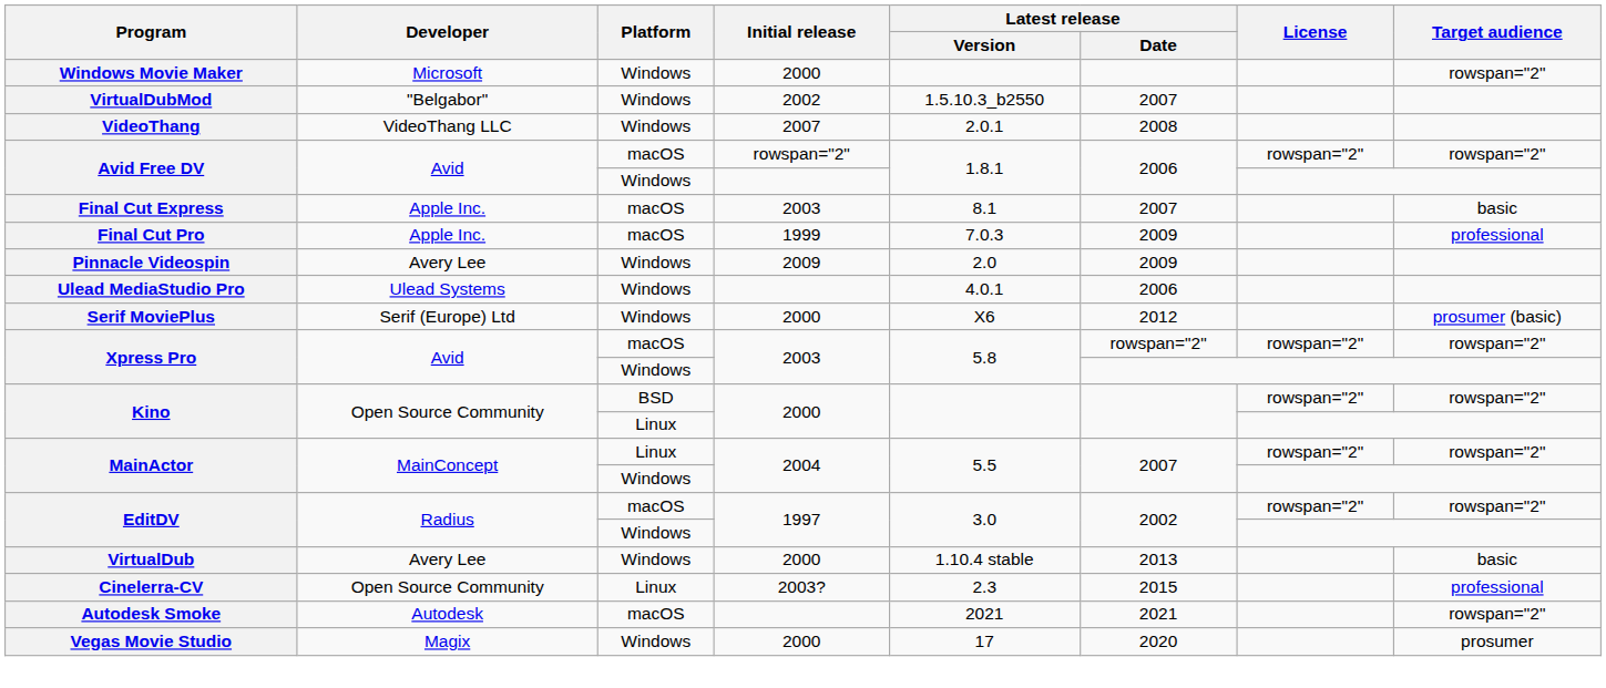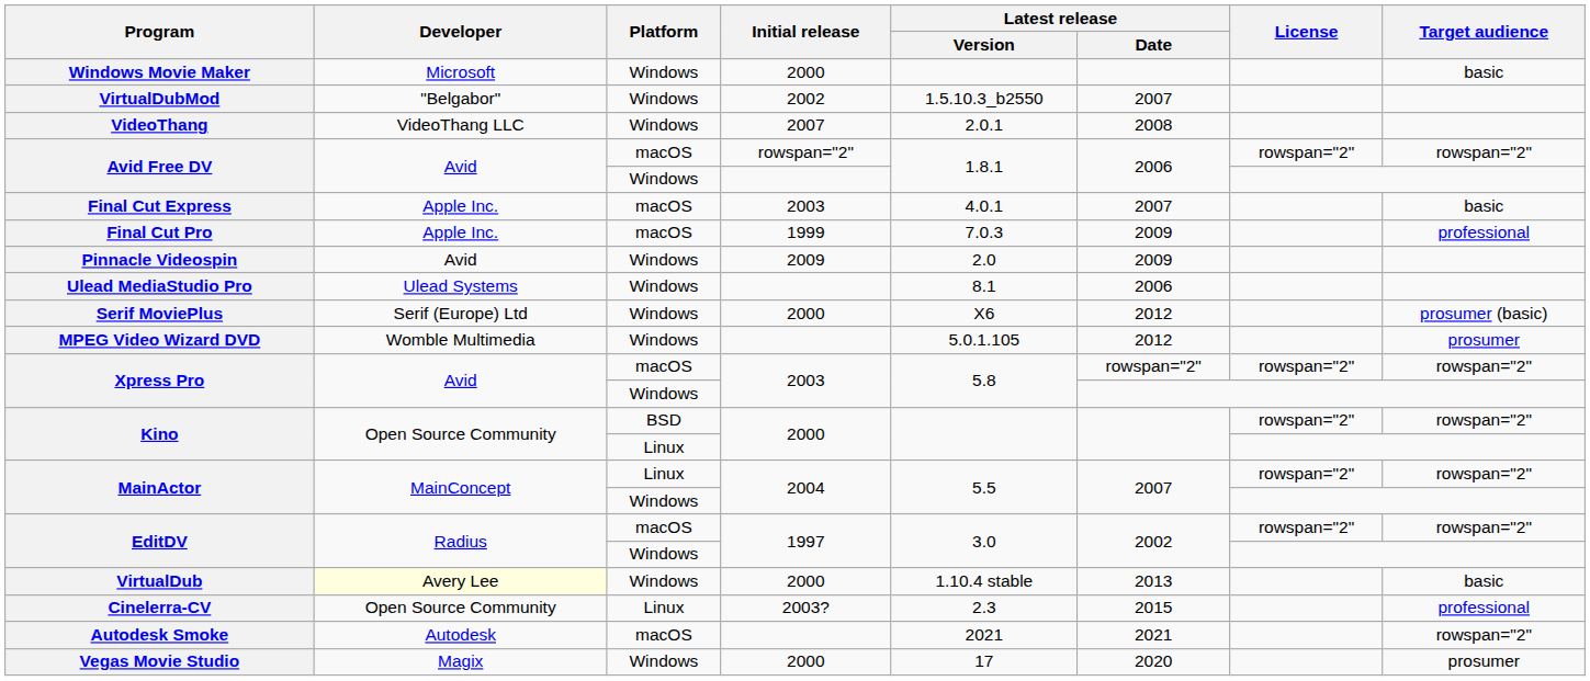 <table class="wikitable sortable" style="font-size: 85%; text-align: center; width: 100%">
 <tr>
 <th rowspan="2">Program</th>
 <th rowspan="2">Developer</th>
 <th rowspan="2">Platform</th>
 <th rowspan="2">Initial release</th>
 <th colspan="2">Latest release</th>
 <th rowspan="2"><a href='#'>License</a></th>
 <th rowspan="2"><a href='#'>Target audience</a></th>
 </tr>
 <tr>
 <th>Version </th>
 <th>Date </th>
 </tr>
 <tr>
 <th><a href='#'>Windows Movie Maker</a></th>
 <td><a href='#'>Microsoft</a></td>
 <td>Windows</td>
 <td>2000</td>
 <td></td>
 <td></td>
 <td></td>
-<td>rowspan="2" </td>
+<td>basic</td>
 </tr>
 <tr>
 <th><a href='#'>VirtualDubMod</a></th>
 <td>"Belgabor"</td>
 <td>Windows</td>
 <td>2002</td>
 <td>1.5.10.3_b2550</td>
 <td>2007</td>
 <td></td>
 <td></td>
 </tr>
 <tr>
 <th><a href='#'>VideoThang</a></th>
 <td>VideoThang LLC</td>
 <td>Windows</td>
 <td>2007</td>
 <td>2.0.1</td>
 <td>2008</td>
 <td></td>
 <td></td>
 </tr>
 <tr>
 <th rowspan="2"><a href='#'>Avid Free DV</a></th>
 <td rowspan="2"><a href='#'>Avid</a></td>
 <td>macOS</td>
 <td>rowspan="2" </td>
 <td rowspan="2">1.8.1</td>
 <td rowspan="2">2006</td>
 <td>rowspan="2" </td>
 <td>rowspan="2" </td>
 </tr>
 <tr>
 <td>Windows</td>
 </tr>
 <tr>
 <th><a href='#'>Final Cut Express</a></th>
 <td><a href='#'>Apple Inc.</a></td>
 <td>macOS</td>
 <td>2003</td>
-<td>8.1</td>
+<td>4.0.1</td>
 <td>2007</td>
 <td></td>
 <td>basic</td>
 </tr>
 <tr>
 <th><a href='#'>Final Cut Pro</a></th>
 <td><a href='#'>Apple Inc.</a></td>
 <td>macOS</td>
 <td>1999</td>
 <td>7.0.3</td>
 <td>2009</td>
 <td></td>
 <td><a href='#'>professional</a></td>
 </tr>
 <tr>
 <th><a href='#'>Pinnacle Videospin</a></th>
-<td>Avery Lee</td>
+<td>Avid</td>
 <td>Windows</td>
 <td>2009</td>
 <td>2.0</td>
 <td>2009</td>
 <td></td>
 <td></td>
 </tr>
 <tr>
 <th><a href='#'>Ulead MediaStudio Pro</a></th>
 <td><a href='#'>Ulead Systems</a></td>
 <td>Windows</td>
 <td></td>
-<td>4.0.1</td>
+<td>8.1</td>
 <td>2006</td>
 <td></td>
 <td></td>
 </tr>
 <tr>
 <th><a href='#'>Serif MoviePlus</a></th>
 <td>Serif (Europe) Ltd</td>
 <td>Windows</td>
 <td>2000</td>
 <td>X6</td>
 <td>2012</td>
 <td></td>
 <td><a href='#'>prosumer</a> (basic)</td>
+</tr>
+<tr>
+<th><a href='#'>MPEG Video Wizard DVD</a></th>
+<td>Womble Multimedia</td>
+<td>Windows</td>
+<td></td>
+<td>5.0.1.105</td>
+<td>2012</td>
+<td></td>
+<td><a href='#'>prosumer</a></td>
 </tr>
 <tr>
 <th rowspan="2"><a href='#'>Xpress Pro</a></th>
 <td rowspan="2"><a href='#'>Avid</a></td>
 <td>macOS</td>
 <td rowspan="2">2003</td>
 <td rowspan="2">5.8</td>
 <td>rowspan="2" </td>
 <td>rowspan="2" </td>
 <td>rowspan="2" </td>
 </tr>
 <tr>
 <td>Windows</td>
 </tr>
 <tr>
 <th rowspan="2"><a href='#'>Kino</a></th>
 <td rowspan="2">Open Source Community</td>
 <td>BSD</td>
 <td rowspan="2">2000</td>
 <td rowspan="2"></td>
 <td rowspan="2"></td>
 <td>rowspan="2" </td>
 <td>rowspan="2" </td>
 </tr>
 <tr>
 <td>Linux</td>
 </tr>
 <tr>
 <th rowspan="2"><a href='#'>MainActor</a></th>
 <td rowspan="2"><a href='#'>MainConcept</a></td>
 <td>Linux</td>
 <td rowspan="2">2004</td>
 <td rowspan="2">5.5</td>
 <td rowspan="2">2007</td>
 <td>rowspan="2" </td>
 <td>rowspan="2" </td>
 </tr>
 <tr>
 <td>Windows</td>
 </tr>
 <tr>
 <th rowspan="2"><a href='#'>EditDV</a></th>
 <td rowspan="2"><a href='#'>Radius</a></td>
 <td>macOS</td>
 <td rowspan="2">1997</td>
 <td rowspan="2">3.0</td>
 <td rowspan="2">2002</td>
 <td>rowspan="2" </td>
 <td>rowspan="2" </td>
 </tr>
 <tr>
 <td>Windows</td>
 </tr>
 <tr>
 <th><a href='#'>VirtualDub</a></th>
-<td>Avery Lee</td>
+<td style="background: lightyellow;">Avery Lee</td>
 <td>Windows</td>
 <td>2000</td>
 <td>1.10.4 stable</td>
 <td>2013</td>
 <td></td>
 <td>basic</td>
 </tr>
 <tr>
 <th><a href='#'>Cinelerra-CV</a></th>
 <td>Open Source Community</td>
 <td>Linux</td>
 <td>2003?</td>
 <td>2.3</td>
 <td>2015</td>
 <td></td>
 <td><a href='#'>professional</a></td>
 </tr>
 <tr>
 <th><a href='#'>Autodesk Smoke</a></th>
 <td><a href='#'>Autodesk</a></td>
 <td>macOS</td>
 <td></td>
 <td>2021</td>
 <td>2021</td>
 <td></td>
 <td>rowspan="2" </td>
 </tr>
 <tr>
 <th><a href='#'>Vegas Movie Studio</a></th>
 <td><a href='#'>Magix</a></td>
 <td>Windows</td>
 <td>2000</td>
 <td>17</td>
 <td>2020</td>
 <td></td>
 <td>prosumer</td>
 </tr>
 </table>
